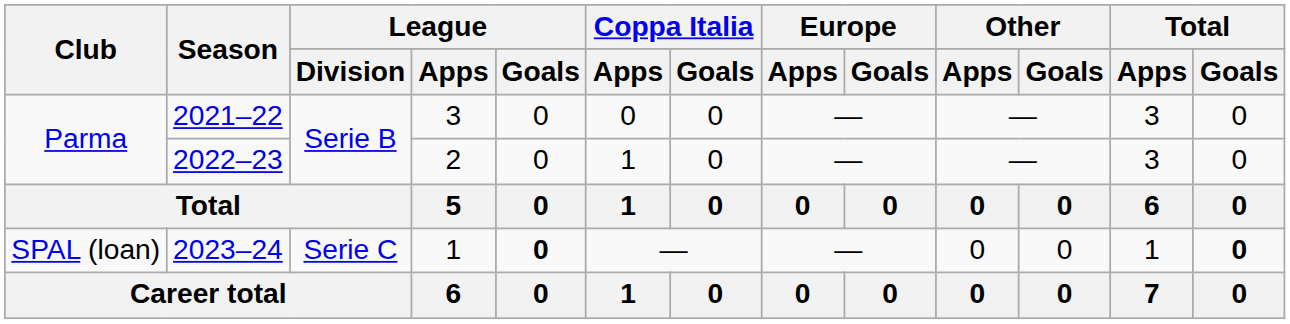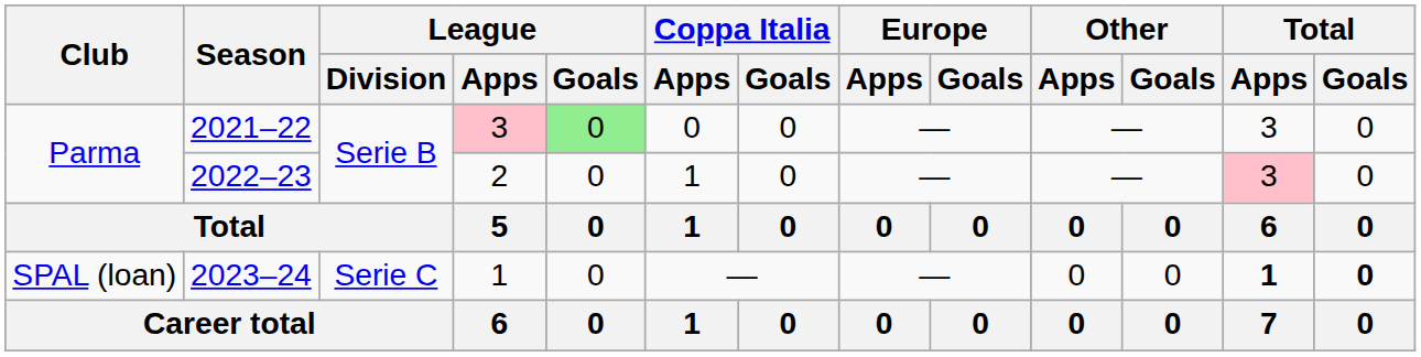 <table class="wikitable" style="text-align:center">
 <tr>
 <th rowspan="2">Club</th>
 <th rowspan="2">Season</th>
 <th colspan="3">League</th>
 <th colspan="2"><a href='#'>Coppa Italia</a></th>
 <th colspan="2">Europe</th>
 <th colspan="2">Other</th>
 <th colspan="2">Total</th>
 </tr>
 <tr>
 <th>Division</th>
 <th>Apps</th>
 <th>Goals</th>
 <th>Apps</th>
 <th>Goals</th>
 <th>Apps</th>
 <th>Goals</th>
 <th>Apps</th>
 <th>Goals</th>
 <th>Apps</th>
 <th>Goals</th>
 </tr>
 <tr>
 <td rowspan="2"><a href='#'>Parma</a></td>
 <td><a href='#'>2021–22</a></td>
 <td rowspan="2"><a href='#'>Serie B</a></td>
-<td>3</td>
-<td>0</td>
+<td style="background: pink;">3</td>
+<td style="background: lightgreen;">0</td>
 <td>0</td>
 <td>0</td>
 <td colspan="2">—</td>
 <td colspan="2">—</td>
 <td>3</td>
 <td>0</td>
 </tr>
 <tr>
 <td><a href='#'>2022–23</a></td>
 <td>2</td>
 <td>0</td>
 <td>1</td>
 <td>0</td>
 <td colspan="2">—</td>
 <td colspan="2">—</td>
-<td>3</td>
+<td style="background: pink;">3</td>
 <td>0</td>
 </tr>
 <tr>
 <th colspan="3">Total</th>
 <th>5</th>
 <th>0</th>
 <th>1</th>
 <th>0</th>
 <th>0</th>
 <th>0</th>
 <th>0</th>
 <th>0</th>
 <th>6</th>
 <th>0</th>
 </tr>
 <tr>
 <td><a href='#'>SPAL</a> (loan)</td>
 <td><a href='#'>2023–24</a></td>
 <td><a href='#'>Serie C</a></td>
 <td>1</td>
-<td><strong>0</strong></td>
+<td>0</td>
 <td colspan="2">—</td>
 <td colspan="2">—</td>
 <td>0</td>
 <td>0</td>
-<td>1</td>
+<td><strong>1</strong></td>
 <td><strong>0</strong></td>
 </tr>
 <tr>
 <th colspan="3">Career total</th>
 <th>6</th>
 <th>0</th>
 <th>1</th>
 <th>0</th>
 <th>0</th>
 <th>0</th>
 <th>0</th>
 <th>0</th>
 <th>7</th>
 <th>0</th>
 </tr>
 </table>
